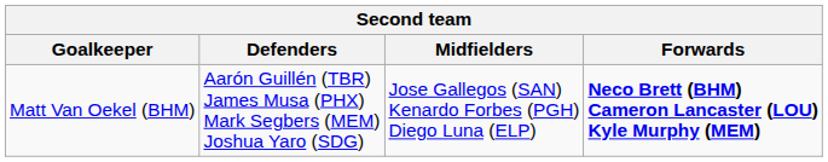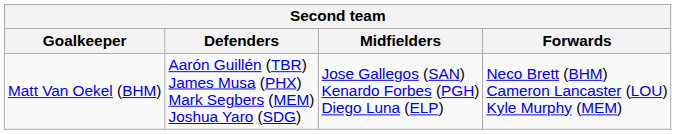 <table class="wikitable">
 <tr>
 <th colspan="4">Second team</th>
 </tr>
 <tr>
 <th>Goalkeeper</th>
 <th>Defenders</th>
 <th>Midfielders</th>
 <th>Forwards</th>
 </tr>
 <tr>
 <td> <a href='#'>Matt Van Oekel</a> (<a href='#'>BHM</a>)</td>
 <td> <a href='#'>Aarón Guillén</a> (<a href='#'>TBR</a>)<br> <a href='#'>James Musa</a> (<a href='#'>PHX</a>)<br> <a href='#'>Mark Segbers</a> (<a href='#'>MEM</a>)<br> <a href='#'>Joshua Yaro</a> (<a href='#'>SDG</a>)</td>
 <td> <a href='#'>Jose Gallegos</a> (<a href='#'>SAN</a>)<br> <a href='#'>Kenardo Forbes</a> (<a href='#'>PGH</a>)<br> <a href='#'>Diego Luna</a> (<a href='#'>ELP</a>)</td>
-<td><strong> <a href='#'>Neco Brett</a> (<a href='#'>BHM</a>)<br> <a href='#'>Cameron Lancaster</a> (<a href='#'>LOU</a>)<br> <a href='#'>Kyle Murphy</a> (<a href='#'>MEM</a>)</strong></td>
+<td> <a href='#'>Neco Brett</a> (<a href='#'>BHM</a>)<br> <a href='#'>Cameron Lancaster</a> (<a href='#'>LOU</a>)<br> <a href='#'>Kyle Murphy</a> (<a href='#'>MEM</a>)</td>
 </tr>
 </table>
